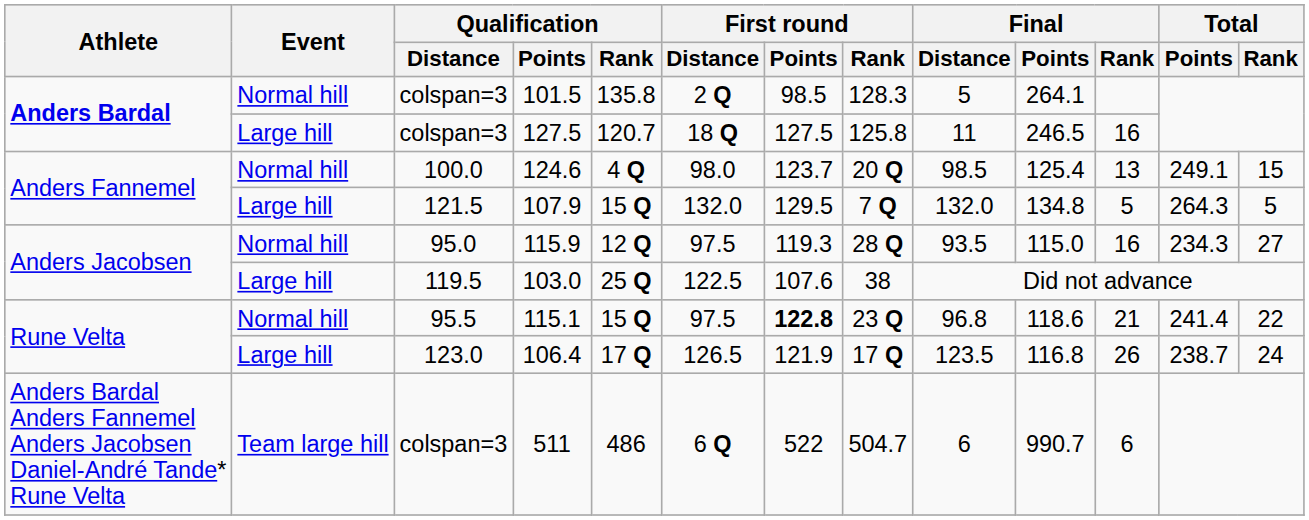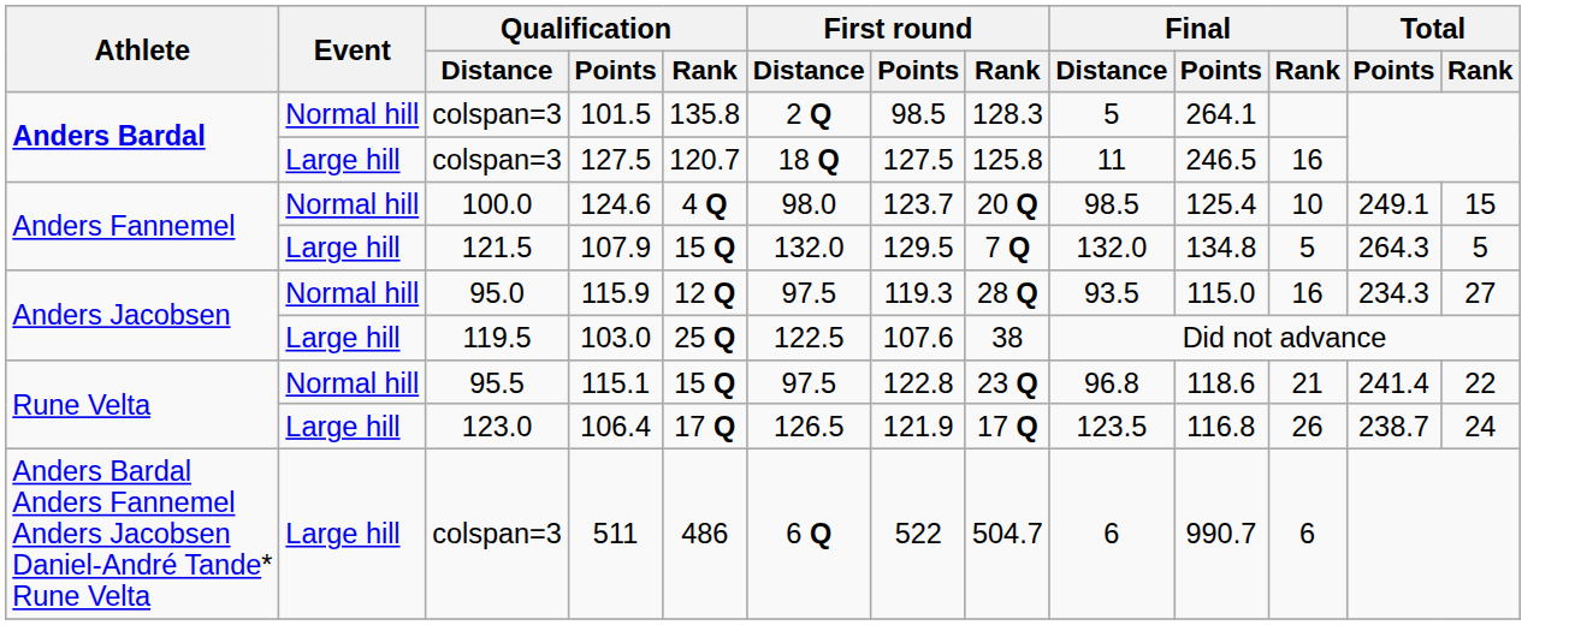 <table class="wikitable" style="font-size:90%">
 <tr>
 <th rowspan=2>Athlete</th>
 <th rowspan=2>Event</th>
 <th colspan=3>Qualification</th>
 <th colspan=3>First round</th>
 <th colspan=3>Final</th>
 <th colspan=2>Total</th>
 </tr>
 <tr style="font-size:95%">
 <th>Distance</th>
 <th>Points</th>
 <th>Rank</th>
 <th>Distance</th>
 <th>Points</th>
 <th>Rank</th>
 <th>Distance</th>
 <th>Points</th>
 <th>Rank</th>
 <th>Points</th>
 <th>Rank</th>
 </tr>
 <tr align=center>
 <td align=left rowspan=2><strong><a href='#'>Anders Bardal</a></strong></td>
 <td align=left><a href='#'>Normal hill</a></td>
 <td>colspan=3 </td>
 <td>101.5</td>
 <td>135.8</td>
 <td>2 <strong>Q</strong></td>
 <td>98.5</td>
 <td>128.3</td>
 <td>5</td>
 <td>264.1</td>
 <td></td>
 </tr>
 <tr align=center>
 <td align=left><a href='#'>Large hill</a></td>
 <td>colspan=3 </td>
 <td>127.5</td>
 <td>120.7</td>
 <td>18 <strong>Q</strong></td>
 <td>127.5</td>
 <td>125.8</td>
 <td>11</td>
 <td>246.5</td>
 <td>16</td>
 </tr>
 <tr align=center>
 <td align=left rowspan=2><a href='#'>Anders Fannemel</a></td>
 <td align=left><a href='#'>Normal hill</a></td>
 <td>100.0</td>
 <td>124.6</td>
 <td>4 <strong>Q</strong></td>
 <td>98.0</td>
 <td>123.7</td>
 <td>20 <strong>Q</strong></td>
 <td>98.5</td>
 <td>125.4</td>
-<td>13</td>
+<td>10</td>
 <td>249.1</td>
 <td>15</td>
 </tr>
 <tr align=center>
 <td align=left><a href='#'>Large hill</a></td>
 <td>121.5</td>
 <td>107.9</td>
 <td>15 <strong>Q</strong></td>
 <td>132.0</td>
 <td>129.5</td>
 <td>7 <strong>Q</strong></td>
 <td>132.0</td>
 <td>134.8</td>
 <td>5</td>
 <td>264.3</td>
 <td>5</td>
 </tr>
 <tr align=center>
 <td align=left rowspan=2><a href='#'>Anders Jacobsen</a></td>
 <td align=left><a href='#'>Normal hill</a></td>
 <td>95.0</td>
 <td>115.9</td>
 <td>12 <strong>Q</strong></td>
 <td>97.5</td>
 <td>119.3</td>
 <td>28 <strong>Q</strong></td>
 <td>93.5</td>
 <td>115.0</td>
 <td>16</td>
 <td>234.3</td>
 <td>27</td>
 </tr>
 <tr align=center>
 <td align=left><a href='#'>Large hill</a></td>
 <td>119.5</td>
 <td>103.0</td>
 <td>25 <strong>Q</strong></td>
 <td>122.5</td>
 <td>107.6</td>
 <td>38</td>
 <td colspan=5>Did not advance</td>
 </tr>
 <tr align=center>
 <td align=left rowspan=2><a href='#'>Rune Velta</a></td>
 <td align=left><a href='#'>Normal hill</a></td>
 <td>95.5</td>
 <td>115.1</td>
 <td>15 <strong>Q</strong></td>
 <td>97.5</td>
-<td><strong>122.8</strong></td>
+<td>122.8</td>
 <td>23 <strong>Q</strong></td>
 <td>96.8</td>
 <td>118.6</td>
 <td>21</td>
 <td>241.4</td>
 <td>22</td>
 </tr>
 <tr align=center>
 <td align=left><a href='#'>Large hill</a></td>
 <td>123.0</td>
 <td>106.4</td>
 <td>17 <strong>Q</strong></td>
 <td>126.5</td>
 <td>121.9</td>
 <td>17 <strong>Q</strong></td>
 <td>123.5</td>
 <td>116.8</td>
 <td>26</td>
 <td>238.7</td>
 <td>24</td>
 </tr>
 <tr align=center>
 <td align=left><a href='#'>Anders Bardal</a><br><a href='#'>Anders Fannemel</a><br><a href='#'>Anders Jacobsen</a><br><a href='#'>Daniel-André Tande</a>*<br><a href='#'>Rune Velta</a></td>
-<td align=left><a href='#'>Team large hill</a></td>
+<td align=left><a href='#'>Large hill</a></td>
 <td>colspan=3 </td>
 <td>511</td>
 <td>486</td>
 <td>6 <strong>Q</strong></td>
 <td>522</td>
 <td>504.7</td>
 <td>6</td>
 <td>990.7</td>
 <td>6</td>
 </tr>
 </table>
